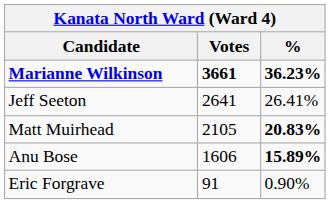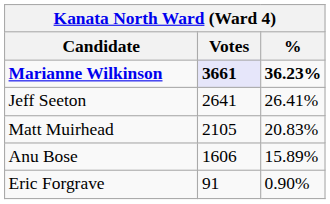 <table class="wikitable">
 <tr>
 <th colspan="3"><a href='#'>Kanata North Ward</a> (Ward 4)</th>
 </tr>
 <tr>
 <th style="width: 170px">Candidate</th>
 <th style="width: 50px">Votes</th>
 <th style="width: 40px">%</th>
 </tr>
 <tr>
 <td><strong><a href='#'>Marianne Wilkinson</a></strong></td>
-<td><strong>3661</strong></td>
+<td style="background: lavender;"><strong>3661</strong></td>
 <td><strong>36.23%</strong></td>
 </tr>
 <tr>
 <td>Jeff Seeton</td>
 <td>2641</td>
 <td>26.41%</td>
 </tr>
 <tr>
 <td>Matt Muirhead</td>
 <td>2105</td>
-<td><strong>20.83%</strong></td>
+<td>20.83%</td>
 </tr>
 <tr>
 <td>Anu Bose</td>
 <td>1606</td>
-<td><strong>15.89%</strong></td>
+<td>15.89%</td>
 </tr>
 <tr>
 <td>Eric Forgrave</td>
 <td>91</td>
 <td>0.90%</td>
 </tr>
 </table>
